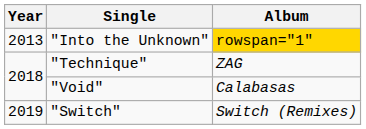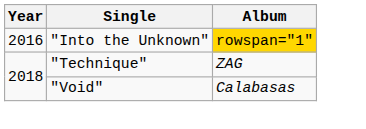 <table class="wikitable">
 <tr>
 <th>Year</th>
 <th>Single</th>
 <th>Album</th>
 </tr>
 <tr>
-<td>2013</td>
+<td>2016</td>
 <td>"Into the Unknown"<br></td>
 <td style="background: gold;">rowspan="1" </td>
 </tr>
 <tr>
 <td rowspan="2">2018</td>
 <td>"Technique"<br></td>
 <td><em>ZAG</em></td>
 </tr>
 <tr>
 <td>"Void"<br></td>
 <td><em>Calabasas</em></td>
 </tr>
-<tr>
-<td>2019</td>
-<td>"Switch"<br></td>
-<td><em>Switch (Remixes)</em></td>
-</tr>
 </table>
